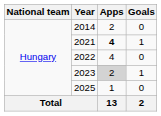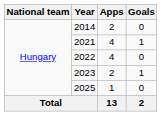 <table class="wikitable" style="text-align: center;">
 <tr>
 <th>National team</th>
 <th>Year</th>
 <th>Apps</th>
 <th>Goals</th>
 </tr>
 <tr>
 <td rowspan="5"><a href='#'>Hungary</a></td>
 <td>2014</td>
 <td>2</td>
 <td>0</td>
 </tr>
 <tr>
 <td>2021</td>
-<td><strong>4</strong></td>
+<td>4</td>
 <td>1</td>
 </tr>
 <tr>
 <td>2022</td>
 <td>4</td>
 <td>0</td>
 </tr>
 <tr>
 <td>2023</td>
-<td style="background: lightgrey;">2</td>
+<td>2</td>
 <td>1</td>
 </tr>
 <tr>
 <td>2025</td>
 <td>1</td>
 <td>0</td>
 </tr>
 <tr>
 <th colspan="2">Total</th>
 <th>13</th>
 <th>2</th>
 </tr>
 </table>
